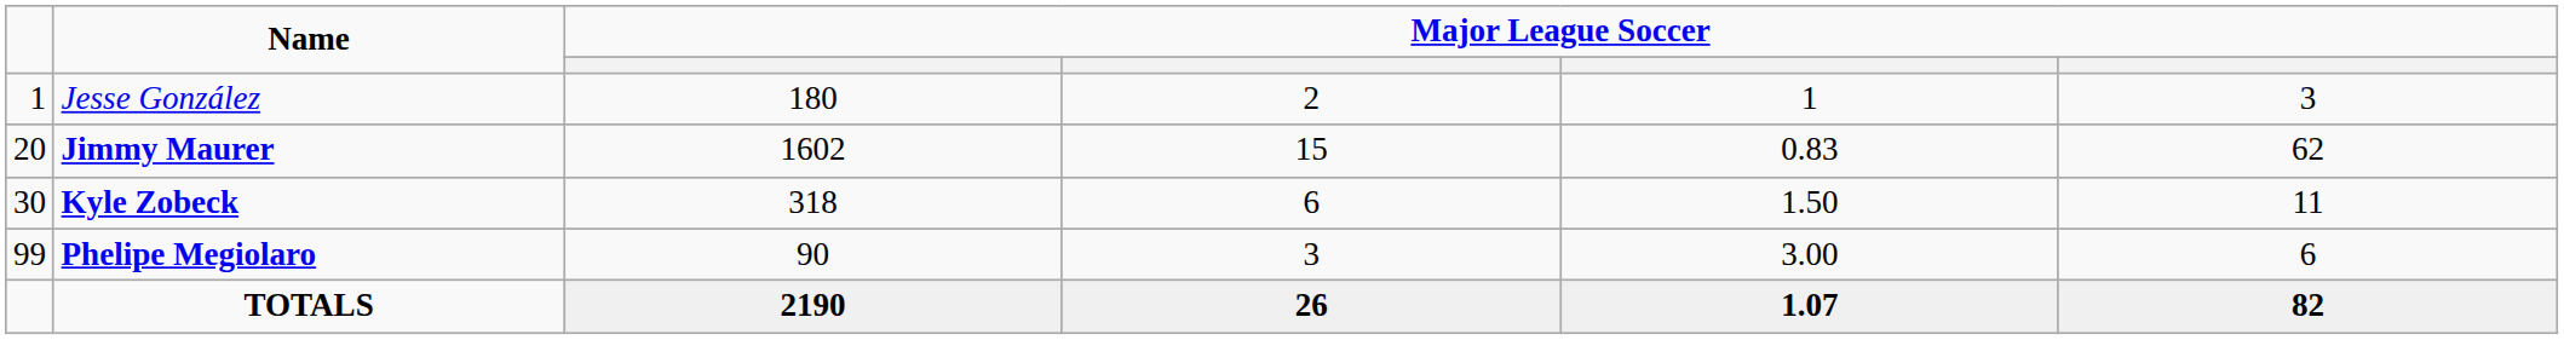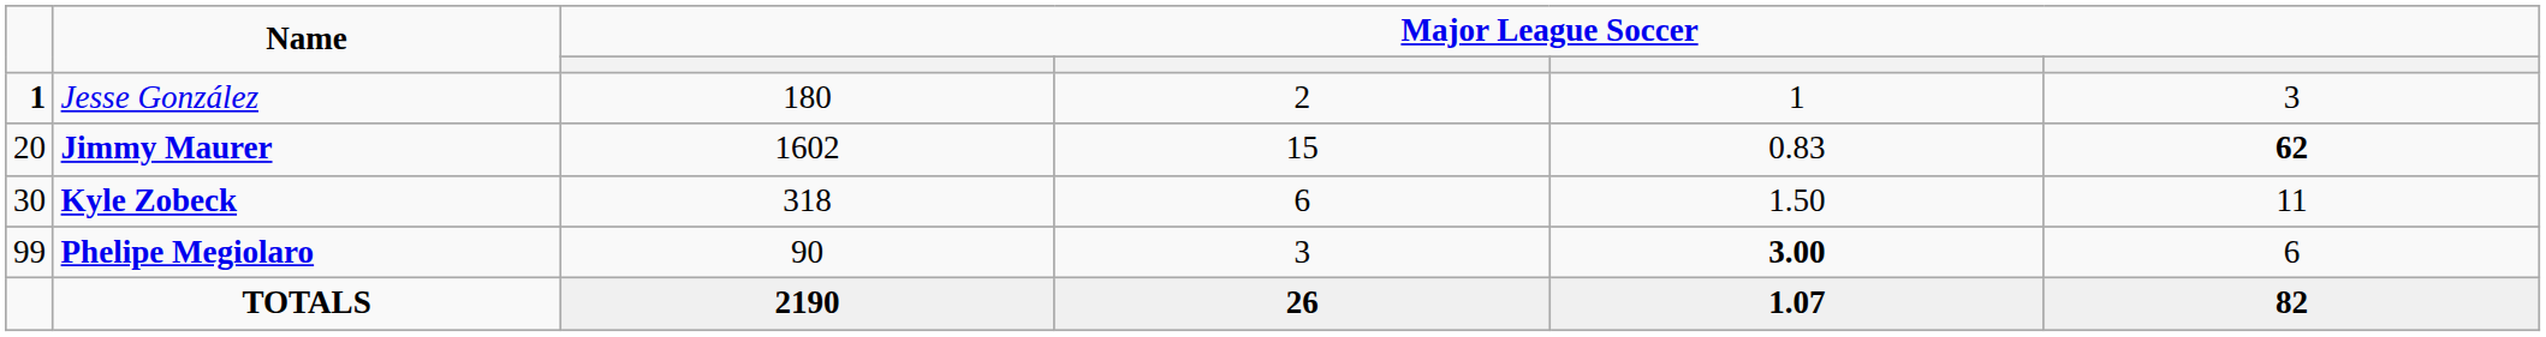 <table class="wikitable" style="text-align:center;">
 <tr>
 <td rowspan="2"  style="width:1%; text-align:center;"><strong></strong></td>
 <td rowspan="2"  style="width:20%; text-align:center;"><strong>Name</strong></td>
 <td colspan="4" style="text-align:center;"><strong><a href='#'>Major League Soccer</a></strong></td>
 </tr>
 <tr>
 <th width=60></th>
 <th width=60></th>
 <th width=60></th>
 <th width=60></th>
 </tr>
 <tr>
-<td style="text-align: right;">1</td>
+<td style="text-align: right;"><strong>1</strong></td>
 <td style="text-align: left;"> <em><a href='#'>Jesse González</a></em></td>
 <td>180</td>
 <td>2</td>
 <td>1</td>
 <td>3</td>
 </tr>
 <tr>
 <td style="text-align: right;">20</td>
 <td style="text-align: left;"> <strong><a href='#'>Jimmy Maurer</a></strong></td>
 <td>1602</td>
 <td>15</td>
 <td>0.83</td>
-<td>62</td>
+<td><strong>62</strong></td>
 </tr>
 <tr>
 <td style="text-align: right;">30</td>
 <td style="text-align: left;"> <strong><a href='#'>Kyle Zobeck</a></strong></td>
 <td>318</td>
 <td>6</td>
 <td>1.50</td>
 <td>11</td>
 </tr>
 <tr>
 <td style="text-align: right;">99</td>
 <td style="text-align: left;"> <strong><a href='#'>Phelipe Megiolaro</a></strong></td>
 <td>90</td>
 <td>3</td>
-<td>3.00</td>
+<td><strong>3.00</strong></td>
 <td>6</td>
 </tr>
 <tr>
 <td></td>
 <td><strong>TOTALS</strong></td>
 <td style="background: #F0F0F0;"><strong>2190</strong></td>
 <td style="background: #F0F0F0;"><strong>26</strong></td>
 <td style="background: #F0F0F0;"><strong>1.07</strong></td>
 <td style="background: #F0F0F0;"><strong>82</strong></td>
 </tr>
 </table>
